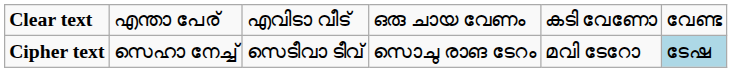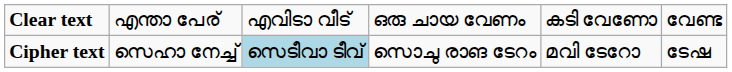 <table class="wikitable">
 <tr>
 <td><strong>Clear text</strong></td>
 <td>എന്താ പേര്</td>
 <td>എവിടാ വീട്</td>
 <td>ഒരു ചായ വേണം</td>
 <td>കടി വേണോ</td>
 <td>വേണ്ട</td>
 </tr>
 <tr>
 <td><strong>Cipher text</strong></td>
 <td>സെഹാ നേച്ച്</td>
-<td>സെടീവാ ടീവ്</td>
+<td style="background: lightblue;">സെടീവാ ടീവ്</td>
 <td>സൊചു രാങ ടേറം</td>
 <td>മവി ടേറോ</td>
-<td style="background: lightblue;">ടേഷ</td>
+<td>ടേഷ</td>
 </tr>
 </table>
